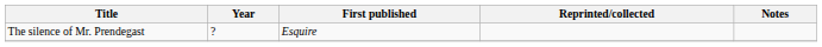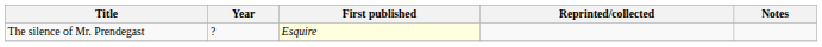 <table class='wikitable sortable' width='90%'>
 <tr>
 <th width=25%>Title</th>
 <th>Year</th>
 <th>First published</th>
 <th>Reprinted/collected</th>
 <th>Notes</th>
 </tr>
 <tr>
 <td data-sort-value="Silence of Mr. Prendegast">The silence of Mr. Prendegast</td>
 <td>?</td>
-<td><em>Esquire</em></td>
+<td style="background: lightyellow;"><em>Esquire</em></td>
 <td></td>
 <td></td>
 </tr>
 <tr>
 </tr>
 </table>
